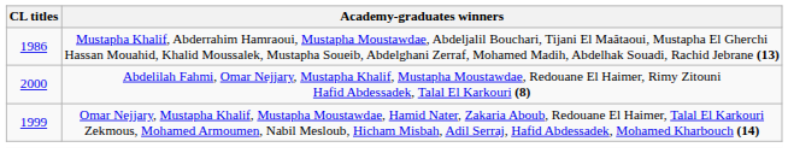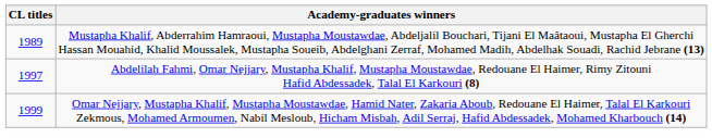 <table class="wikitable" style="font-size:85%; background-color:#F9F9F9; text-align:center;margin-left:12px; margin-bottom:6px;" align="right">
 <tr>
 <th>CL titles</th>
 <th>Academy-graduates winners</th>
 </tr>
 <tr>
-<td><a href='#'>1986</a></td>
+<td><a href='#'>1989</a></td>
 <td><a href='#'>Mustapha Khalif</a>, Abderrahim Hamraoui, <a href='#'>Mustapha Moustawdae</a>, Abdeljalil Bouchari, Tijani El Maâtaoui, Mustapha El Gherchi<br>Hassan Mouahid, Khalid Moussalek, Mustapha Soueib, Abdelghani Zerraf, Mohamed Madih, Abdelhak Souadi, Rachid Jebrane <strong>(13)</strong></td>
 </tr>
 <tr>
-<td><a href='#'>2000</a></td>
+<td><a href='#'>1997</a></td>
 <td><a href='#'>Abdelilah Fahmi</a>, <a href='#'>Omar Nejjary</a>, <a href='#'>Mustapha Khalif</a>, <a href='#'>Mustapha Moustawdae</a>, Redouane El Haimer, Rimy Zitouni<br><a href='#'>Hafid Abdessadek</a>, <a href='#'>Talal El Karkouri</a> <strong>(8)</strong></td>
 </tr>
 <tr>
 <td><a href='#'>1999</a></td>
 <td><a href='#'>Omar Nejjary</a>, <a href='#'>Mustapha Khalif</a>, <a href='#'>Mustapha Moustawdae</a>, <a href='#'>Hamid Nater</a>, <a href='#'>Zakaria Aboub</a>, Redouane El Haimer, <a href='#'>Talal El Karkouri</a><br>Zekmous, <a href='#'>Mohamed Armoumen</a>, Nabil Mesloub, <a href='#'>Hicham Misbah</a>, <a href='#'>Adil Serraj</a>, <a href='#'>Hafid Abdessadek</a>, <a href='#'>Mohamed Kharbouch</a> <strong>(14)</strong></td>
 </tr>
 <tr style="text-align:left; background:#FFFFFF; border-left-style:hidden; border-bottom-style:hidden; border-right-style:hidden; border-top:solid 1px #AAAAAA;">
 <td colspan="2"></td>
 </tr>
 </table>
